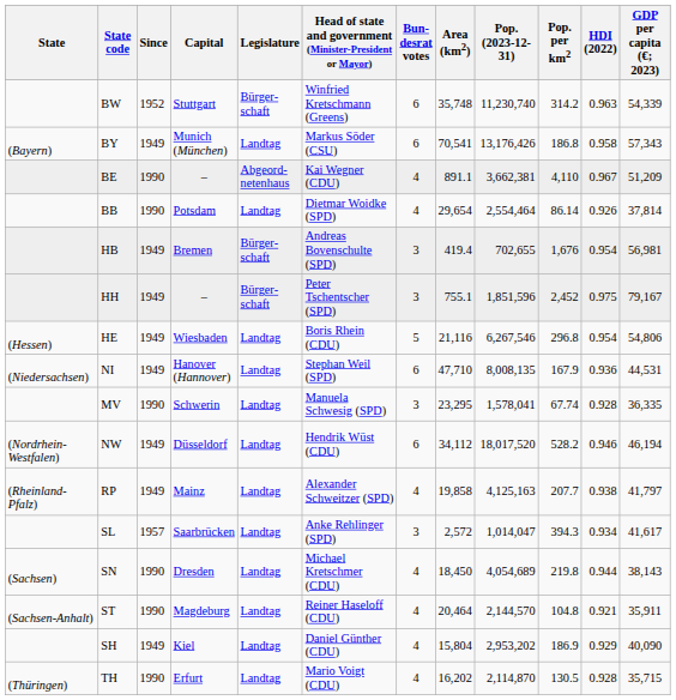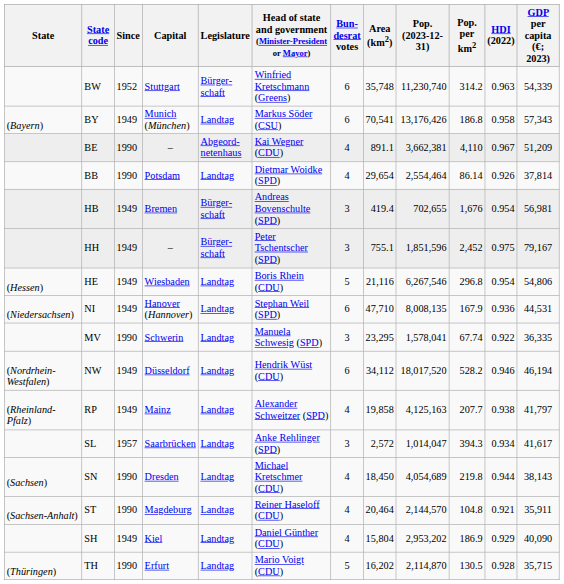 <table style="clear:both" class="sortable wikitable">
 <tr style="background:#bbb">
 <th>State</th>
 <th><a href='#'>State code</a></th>
 <th>Since</th>
 <th>Capital</th>
 <th>Legis­lature</th>
 <th>Head of state and government<br><small>(<a href='#'>Minister-President</a> or <a href='#'>Mayor</a>)</small></th>
 <th data-sort-type="number"><a href='#'>Bun­des­rat</a><br>votes</th>
 <th data-sort-type="number">Area<br>(km<sup>2</sup>)</th>
 <th data-sort-type="number">Pop.<br>(2023-12-31)</th>
 <th data-sort-type="number">Pop. per km<sup>2</sup></th>
 <th data-sort-type="number"><a href='#'>HDI</a><br>(2022)</th>
 <th data-sort-type="number"><a href='#'>GDP</a> per capita<br>(€; 2023)</th>
 </tr>
 <tr>
 <td></td>
 <td>BW</td>
 <td>1952</td>
 <td><a href='#'>Stuttgart</a></td>
 <td><a href='#'>Bürger­schaft</a></td>
 <td><a href='#'>Winfried Kretschmann</a> (<a href='#'>Greens</a>)</td>
 <td style="text-align:center">6</td>
 <td style="text-align:right">35,748</td>
 <td style="text-align:right">11,230,740</td>
 <td style="text-align:right">314.2</td>
 <td style="text-align:right">0.963</td>
 <td style="text-align:center">54,339</td>
 </tr>
 <tr>
 <td><br>(<em>Bayern</em>)</td>
 <td>BY</td>
 <td>1949</td>
 <td><a href='#'>Munich</a><br>(<em>München</em>)</td>
 <td><a href='#'>Landtag</a></td>
 <td><a href='#'>Markus Söder</a> (<a href='#'>CSU</a>)</td>
 <td style="text-align:center">6</td>
 <td style="text-align:right">70,541</td>
 <td style="text-align:right">13,176,426</td>
 <td style="text-align:right">186.8</td>
 <td style="text-align:right">0.958</td>
 <td style="text-align:center">57,343</td>
 </tr>
 <tr style="background: #eee">
 <td></td>
 <td>BE</td>
 <td>1990</td>
 <td style="text-align:center">–</td>
 <td><a href='#'>Abgeord­netenhaus</a></td>
 <td><a href='#'>Kai Wegner</a> (<a href='#'>CDU</a>)</td>
 <td style="text-align:center">4</td>
 <td style="text-align:right">891.1</td>
 <td style="text-align:right">3,662,381</td>
 <td style="text-align:right">4,110</td>
 <td style="text-align:right">0.967</td>
 <td style="text-align:center">51,209</td>
 </tr>
 <tr>
 <td></td>
 <td>BB</td>
 <td>1990</td>
 <td><a href='#'>Potsdam</a></td>
 <td><a href='#'>Landtag</a></td>
 <td><a href='#'>Dietmar Woidke</a> (<a href='#'>SPD</a>)</td>
 <td style="text-align:center">4</td>
 <td style="text-align:right">29,654</td>
 <td style="text-align:right">2,554,464</td>
 <td style="text-align:right">86.14</td>
 <td style="text-align:right">0.926</td>
 <td style="text-align:center">37,814</td>
 </tr>
 <tr style="background: #eee">
 <td></td>
 <td>HB</td>
 <td>1949</td>
 <td><a href='#'>Bremen</a></td>
 <td><a href='#'>Bürger­schaft</a></td>
 <td><a href='#'>Andreas Bovenschulte</a> (<a href='#'>SPD</a>)</td>
 <td style="text-align:center">3</td>
 <td style="text-align:right">419.4</td>
 <td style="text-align:right">702,655</td>
 <td style="text-align:right">1,676</td>
 <td style="text-align:right">0.954</td>
 <td style="text-align:center">56,981</td>
 </tr>
 <tr style="background: #eee">
 <td></td>
 <td>HH</td>
 <td>1949</td>
 <td style="text-align:center">–</td>
 <td><a href='#'>Bürger­schaft</a></td>
 <td><a href='#'>Peter Tschentscher</a> (<a href='#'>SPD</a>)</td>
 <td style="text-align:center">3</td>
 <td style="text-align:right">755.1</td>
 <td style="text-align:right">1,851,596</td>
 <td style="text-align:right">2,452</td>
 <td style="text-align:right">0.975</td>
 <td style="text-align:center">79,167</td>
 </tr>
 <tr>
 <td><br>(<em>Hessen</em>)</td>
 <td>HE</td>
 <td>1949</td>
 <td><a href='#'>Wiesbaden</a></td>
 <td><a href='#'>Landtag</a></td>
 <td><a href='#'>Boris Rhein</a> (<a href='#'>CDU</a>)</td>
 <td style="text-align:center">5</td>
 <td style="text-align:right">21,116</td>
 <td style="text-align:right">6,267,546</td>
 <td style="text-align:right">296.8</td>
 <td style="text-align:right">0.954</td>
 <td style="text-align:center">54,806</td>
 </tr>
 <tr>
 <td><br>(<em>Niedersachsen</em>)</td>
 <td>NI</td>
 <td>1949</td>
 <td><a href='#'>Hanover</a><br>(<em>Hannover</em>)</td>
 <td><a href='#'>Landtag</a></td>
 <td><a href='#'>Stephan Weil</a> (<a href='#'>SPD</a>)</td>
 <td style="text-align:center">6</td>
 <td style="text-align:right">47,710</td>
 <td style="text-align:right">8,008,135</td>
 <td style="text-align:right">167.9</td>
 <td style="text-align:right">0.936</td>
 <td style="text-align:center">44,531</td>
 </tr>
 <tr>
 <td></td>
 <td>MV</td>
 <td>1990</td>
 <td><a href='#'>Schwerin</a></td>
 <td><a href='#'>Landtag</a></td>
 <td><a href='#'>Manuela Schwesig</a> (<a href='#'>SPD</a>)</td>
 <td style="text-align:center">3</td>
 <td style="text-align:right">23,295</td>
 <td style="text-align:right">1,578,041</td>
 <td style="text-align:right">67.74</td>
-<td style="text-align:right">0.928</td>
+<td style="text-align:right">0.922</td>
 <td style="text-align:center">36,335</td>
 </tr>
 <tr>
 <td><br>(<em>Nordrhein-Westfalen</em>)</td>
 <td>NW</td>
 <td>1949</td>
 <td><a href='#'>Düsseldorf</a></td>
 <td><a href='#'>Landtag</a></td>
 <td><a href='#'>Hendrik Wüst</a> (<a href='#'>CDU</a>)</td>
 <td style="text-align:center">6</td>
 <td style="text-align:right">34,112</td>
 <td style="text-align:right">18,017,520</td>
 <td style="text-align:right">528.2</td>
 <td style="text-align:right">0.946</td>
 <td style="text-align:center">46,194</td>
 </tr>
 <tr>
 <td><br>(<em>Rheinland-Pfalz</em>)</td>
 <td>RP</td>
 <td>1949</td>
 <td><a href='#'>Mainz</a></td>
 <td><a href='#'>Landtag</a></td>
 <td><a href='#'>Alexander Schweitzer</a> (<a href='#'>SPD</a>)</td>
 <td style="text-align:center">4</td>
 <td style="text-align:right">19,858</td>
 <td style="text-align:right">4,125,163</td>
 <td style="text-align:right">207.7</td>
 <td style="text-align:right">0.938</td>
 <td style="text-align:center">41,797</td>
 </tr>
 <tr>
 <td></td>
 <td>SL</td>
 <td>1957</td>
 <td><a href='#'>Saarbrücken</a></td>
 <td><a href='#'>Landtag</a></td>
 <td><a href='#'>Anke Rehlinger</a> (<a href='#'>SPD</a>)</td>
 <td style="text-align:center">3</td>
 <td style="text-align:right">2,572</td>
 <td style="text-align:right">1,014,047</td>
 <td style="text-align:right">394.3</td>
 <td style="text-align:right">0.934</td>
 <td style="text-align:center">41,617</td>
 </tr>
 <tr>
 <td><br>(<em>Sachsen</em>)</td>
 <td>SN</td>
 <td>1990</td>
 <td><a href='#'>Dresden</a></td>
 <td><a href='#'>Landtag</a></td>
 <td><a href='#'>Michael Kretschmer</a> (<a href='#'>CDU</a>)</td>
 <td style="text-align:center">4</td>
 <td style="text-align:right">18,450</td>
 <td style="text-align:right">4,054,689</td>
 <td style="text-align:right">219.8</td>
 <td style="text-align:right">0.944</td>
 <td style="text-align:center">38,143</td>
 </tr>
 <tr>
 <td><br>(<em>Sachsen-Anhalt</em>)</td>
 <td>ST</td>
 <td>1990</td>
 <td><a href='#'>Magdeburg</a></td>
 <td><a href='#'>Landtag</a></td>
 <td><a href='#'>Reiner Haseloff</a> (<a href='#'>CDU</a>)</td>
 <td style="text-align:center">4</td>
 <td style="text-align:right">20,464</td>
 <td style="text-align:right">2,144,570</td>
 <td style="text-align:right">104.8</td>
 <td style="text-align:right">0.921</td>
 <td style="text-align:center">35,911</td>
 </tr>
 <tr>
 <td></td>
 <td>SH</td>
 <td>1949</td>
 <td><a href='#'>Kiel</a></td>
 <td><a href='#'>Landtag</a></td>
 <td><a href='#'>Daniel Günther</a> (<a href='#'>CDU</a>)</td>
 <td style="text-align:center">4</td>
 <td style="text-align:right">15,804</td>
 <td style="text-align:right">2,953,202</td>
 <td style="text-align:right">186.9</td>
 <td style="text-align:right">0.929</td>
 <td style="text-align:center">40,090</td>
 </tr>
 <tr>
 <td><br>(<em>Thüringen</em>)</td>
 <td>TH</td>
 <td>1990</td>
 <td><a href='#'>Erfurt</a></td>
 <td><a href='#'>Landtag</a></td>
 <td><a href='#'>Mario Voigt</a> (<a href='#'>CDU</a>)</td>
-<td style="text-align:center">4</td>
+<td style="text-align:center">5</td>
 <td style="text-align:right">16,202</td>
 <td style="text-align:right">2,114,870</td>
 <td style="text-align:right">130.5</td>
 <td style="text-align:right">0.928</td>
 <td style="text-align:center">35,715</td>
 </tr>
 </table>
